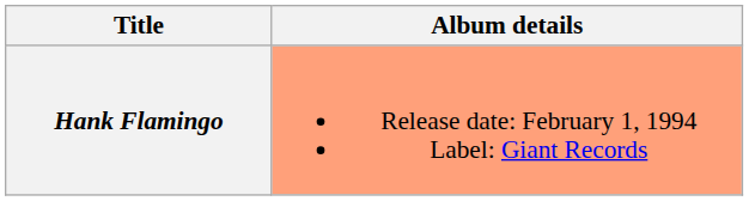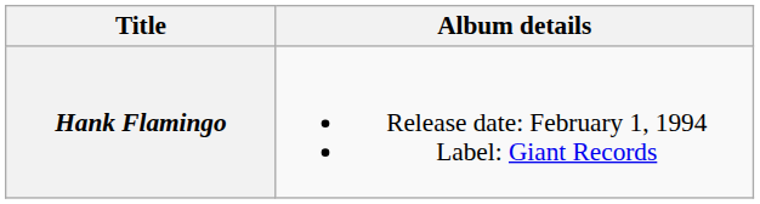 <table class="wikitable plainrowheaders" style="text-align:center;">
 <tr>
 <th style="width:10em;">Title</th>
 <th style="width:18em;">Album details</th>
 </tr>
 <tr>
 <th scope="row"><em>Hank Flamingo</em></th>
-<td style="background: lightsalmon;"><br><ul><li>Release date: February 1, 1994</li><li>Label: <a href='#'>Giant Records</a></li></ul></td>
+<td><br><ul><li>Release date: February 1, 1994</li><li>Label: <a href='#'>Giant Records</a></li></ul></td>
 </tr>
 </table>
